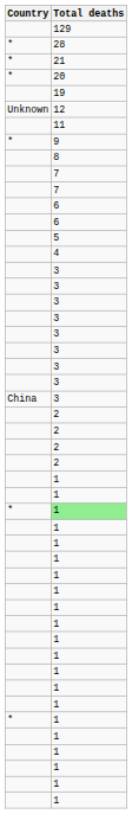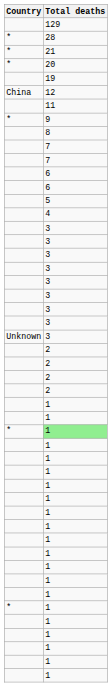 <table class="wikitable">
 <tr>
 <th>Country</th>
 <th>Total deaths</th>
 </tr>
 <tr>
 <td></td>
 <td>129</td>
 </tr>
 <tr>
 <td> *</td>
 <td>28</td>
 </tr>
 <tr>
 <td> *</td>
 <td>21</td>
 </tr>
 <tr>
 <td> *</td>
 <td>20</td>
 </tr>
 <tr>
 <td></td>
 <td>19</td>
 </tr>
 <tr>
-<td>Unknown</td>
+<td> China</td>
 <td>12</td>
 </tr>
 <tr>
 <td></td>
 <td>11</td>
 </tr>
 <tr>
 <td> *</td>
 <td>9</td>
 </tr>
 <tr>
 <td></td>
 <td>8</td>
 </tr>
 <tr>
 <td></td>
 <td>7</td>
 </tr>
 <tr>
 <td></td>
 <td>7</td>
 </tr>
 <tr>
 <td></td>
 <td>6</td>
 </tr>
 <tr>
 <td></td>
 <td>6</td>
 </tr>
 <tr>
 <td></td>
 <td>5</td>
 </tr>
 <tr>
 <td></td>
 <td>4</td>
 </tr>
 <tr>
 <td></td>
 <td>3</td>
 </tr>
 <tr>
 <td></td>
 <td>3</td>
 </tr>
 <tr>
 <td></td>
 <td>3</td>
 </tr>
 <tr>
 <td></td>
 <td>3</td>
 </tr>
 <tr>
 <td></td>
 <td>3</td>
 </tr>
 <tr>
 <td></td>
 <td>3</td>
 </tr>
 <tr>
 <td></td>
 <td>3</td>
 </tr>
 <tr>
 <td></td>
 <td>3</td>
 </tr>
 <tr>
-<td> China</td>
+<td>Unknown</td>
 <td>3</td>
 </tr>
 <tr>
 <td></td>
 <td>2</td>
 </tr>
 <tr>
 <td></td>
 <td>2</td>
 </tr>
 <tr>
 <td></td>
 <td>2</td>
 </tr>
 <tr>
 <td></td>
 <td>2</td>
 </tr>
 <tr>
 <td></td>
 <td>1</td>
 </tr>
 <tr>
 <td></td>
 <td>1</td>
 </tr>
 <tr>
 <td> *</td>
 <td style="background: lightgreen;">1</td>
 </tr>
 <tr>
 <td></td>
 <td>1</td>
 </tr>
 <tr>
 <td></td>
 <td>1</td>
 </tr>
 <tr>
 <td></td>
 <td>1</td>
 </tr>
 <tr>
 <td></td>
 <td>1</td>
 </tr>
 <tr>
 <td></td>
 <td>1</td>
 </tr>
 <tr>
 <td></td>
 <td>1</td>
 </tr>
 <tr>
 <td></td>
 <td>1</td>
 </tr>
 <tr>
 <td></td>
 <td>1</td>
 </tr>
 <tr>
 <td></td>
 <td>1</td>
 </tr>
 <tr>
 <td></td>
 <td>1</td>
 </tr>
 <tr>
 <td></td>
 <td>1</td>
 </tr>
 <tr>
 <td></td>
 <td>1</td>
 </tr>
 <tr>
 <td> *</td>
 <td>1</td>
 </tr>
 <tr>
 <td></td>
 <td>1</td>
 </tr>
 <tr>
 <td></td>
 <td>1</td>
 </tr>
 <tr>
 <td></td>
 <td>1</td>
 </tr>
 <tr>
 <td></td>
 <td>1</td>
 </tr>
 <tr>
 <td></td>
 <td>1</td>
 </tr>
 </table>
